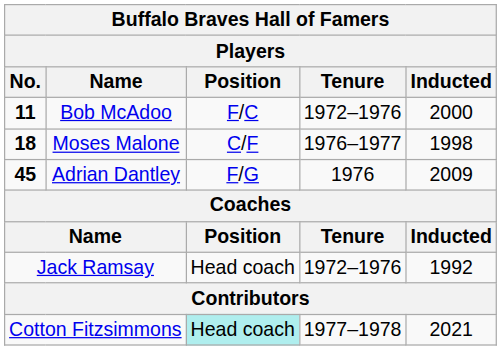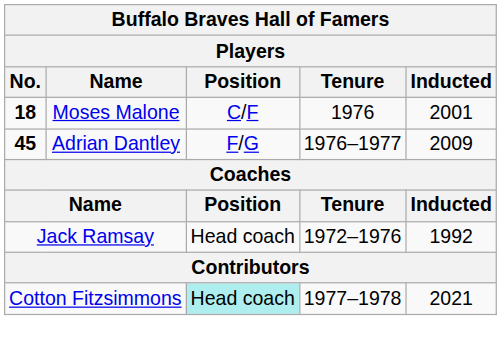 <table class="wikitable" style="text-align:center">
 <tr>
 <th colspan="5">Buffalo Braves Hall of Famers</th>
 </tr>
 <tr>
 <th colspan="5" style="text-align:center; ">Players</th>
 </tr>
 <tr>
 <th>No.</th>
 <th>Name</th>
 <th>Position</th>
 <th>Tenure</th>
 <th>Inducted</th>
 </tr>
 <tr>
-<td><strong>11</strong></td>
-<td><a href='#'>Bob McAdoo</a></td>
-<td><a href='#'>F</a>/<a href='#'>C</a></td>
-<td>1972–1976</td>
-<td>2000</td>
-</tr>
-<tr>
 <td><strong>18</strong></td>
 <td><a href='#'>Moses Malone</a></td>
 <td><a href='#'>C</a>/<a href='#'>F</a></td>
-<td>1976–1977</td>
-<td>1998</td>
+<td>1976</td>
+<td>2001</td>
 </tr>
 <tr>
 <td><strong>45</strong></td>
 <td><a href='#'>Adrian Dantley</a></td>
 <td><a href='#'>F</a>/<a href='#'>G</a></td>
-<td>1976</td>
+<td>1976–1977</td>
 <td>2009</td>
 </tr>
 <tr>
 <th colspan="5" style="text-align:center; ">Coaches</th>
 </tr>
 <tr>
 <th colspan="2">Name</th>
 <th>Position</th>
 <th>Tenure</th>
 <th>Inducted</th>
 </tr>
 <tr>
 <td colspan="2"><a href='#'>Jack Ramsay</a></td>
 <td>Head coach</td>
 <td>1972–1976</td>
 <td>1992</td>
 </tr>
 <tr>
 <th colspan="5" style="text-align:center; ">Contributors</th>
 </tr>
 <tr>
 <td colspan="2"><a href='#'>Cotton Fitzsimmons</a></td>
 <td style="background: paleturquoise;">Head coach</td>
 <td>1977–1978</td>
 <td>2021</td>
 </tr>
 </table>
